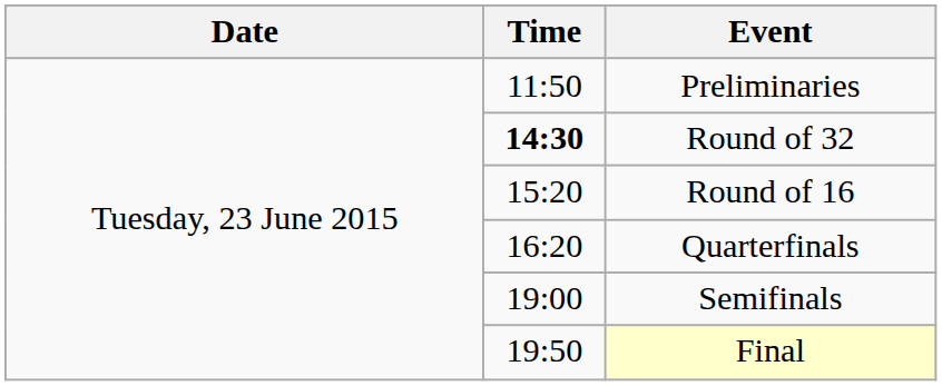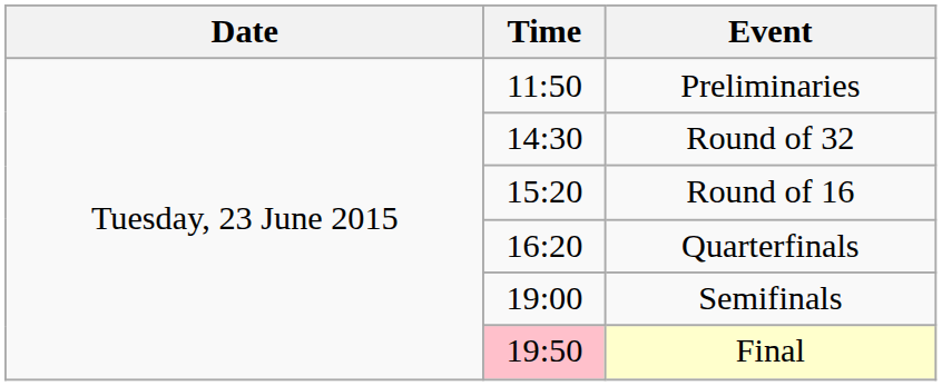 <table class = "wikitable" style="text-align:center;">
 <tr>
 <th width=220>Date</th>
 <th width=50>Time</th>
 <th width=150>Event</th>
 </tr>
 <tr>
 <td rowspan=6>Tuesday, 23 June 2015</td>
 <td>11:50</td>
 <td>Preliminaries</td>
 </tr>
 <tr>
-<td><strong>14:30</strong></td>
+<td>14:30</td>
 <td>Round of 32</td>
 </tr>
 <tr>
 <td>15:20</td>
 <td>Round of 16</td>
 </tr>
 <tr>
 <td>16:20</td>
 <td>Quarterfinals</td>
 </tr>
 <tr>
 <td>19:00</td>
 <td>Semifinals</td>
 </tr>
 <tr>
-<td>19:50</td>
+<td style="background: pink;">19:50</td>
 <td bgcolor=ffffcc>Final</td>
 </tr>
 </table>
